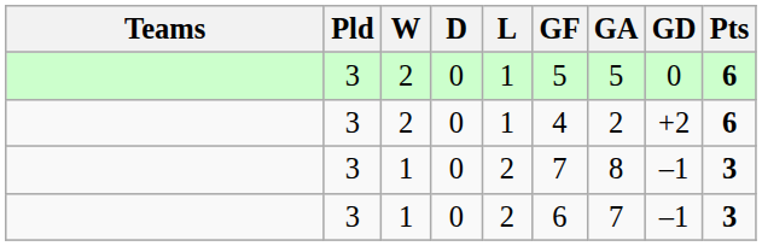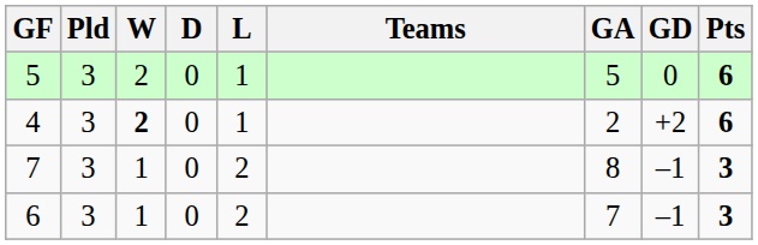 <table class="wikitable" style="text-align: center;">
 <tr>
-<th width=165>Teams</th>
+<th width=20>GF</th>
 <th width=20>Pld</th>
 <th width=20>W</th>
 <th width=20>D</th>
 <th width=20>L</th>
-<th width=20>GF</th>
+<th width=165>Teams</th>
 <th width=20>GA</th>
 <th width=20>GD</th>
 <th width=20>Pts</th>
 </tr>
 <tr align=center style="background:#ccffcc;">
-<td style="text-align:left;"></td>
+<td>5</td>
 <td>3</td>
 <td>2</td>
 <td>0</td>
 <td>1</td>
-<td>5</td>
+<td style="text-align:left;"></td>
 <td>5</td>
 <td>0</td>
 <td><strong>6</strong></td>
 </tr>
 <tr align=center>
-<td style="text-align:left;"></td>
+<td>4</td>
 <td>3</td>
-<td>2</td>
+<td><strong>2</strong></td>
 <td>0</td>
 <td>1</td>
-<td>4</td>
+<td style="text-align:left;"></td>
 <td>2</td>
 <td>+2</td>
 <td><strong>6</strong></td>
 </tr>
 <tr align=center>
-<td style="text-align:left;"></td>
+<td>7</td>
 <td>3</td>
 <td>1</td>
 <td>0</td>
 <td>2</td>
-<td>7</td>
+<td style="text-align:left;"></td>
 <td>8</td>
 <td>–1</td>
 <td><strong>3</strong></td>
 </tr>
 <tr align=center>
-<td style="text-align:left;"></td>
+<td>6</td>
 <td>3</td>
 <td>1</td>
 <td>0</td>
 <td>2</td>
-<td>6</td>
+<td style="text-align:left;"></td>
 <td>7</td>
 <td>–1</td>
 <td><strong>3</strong></td>
 </tr>
 </table>
